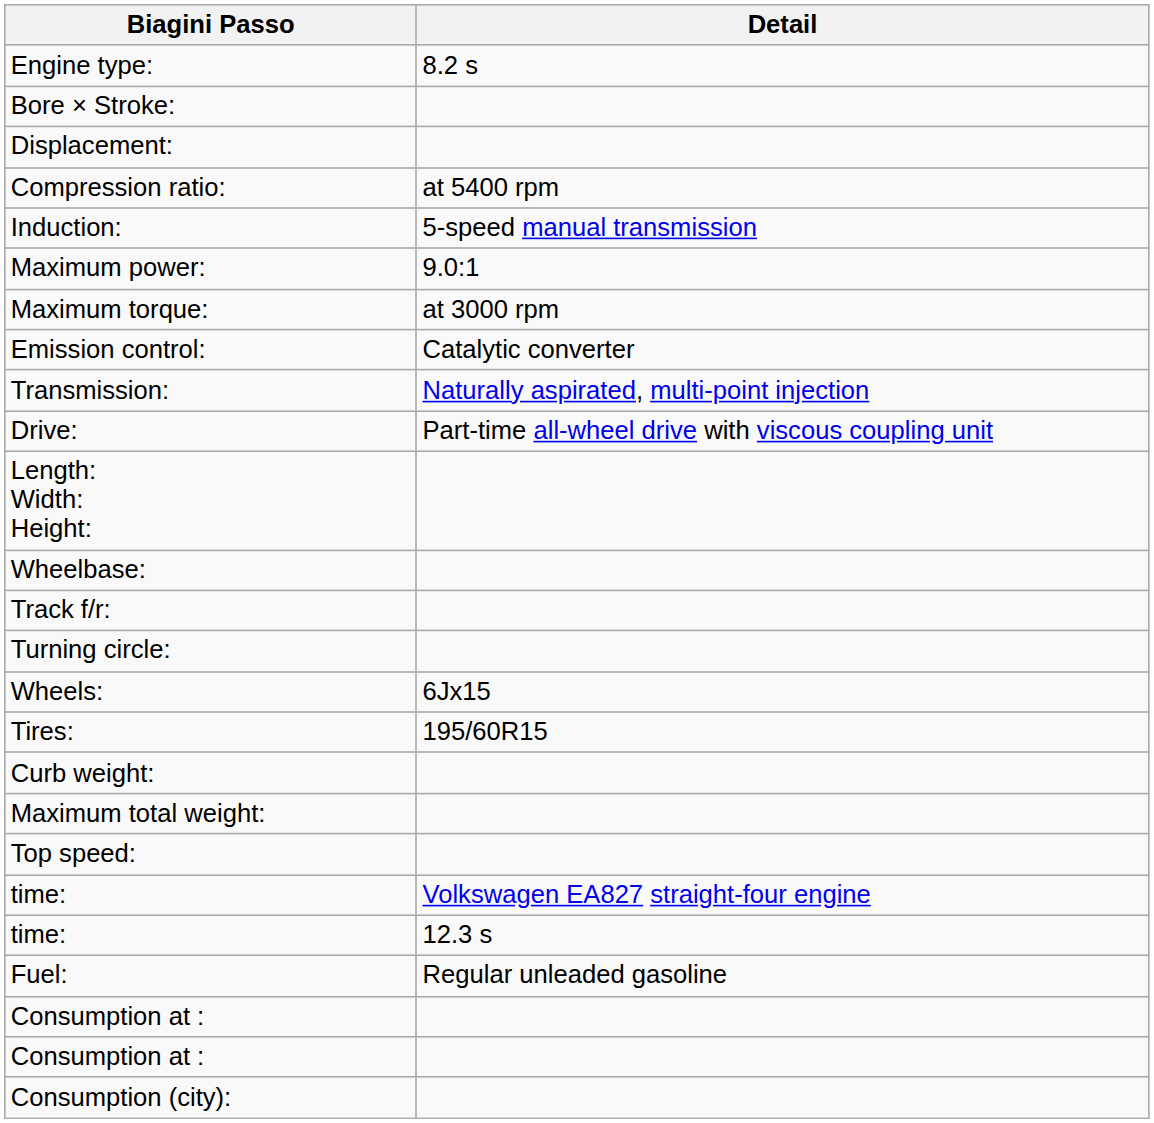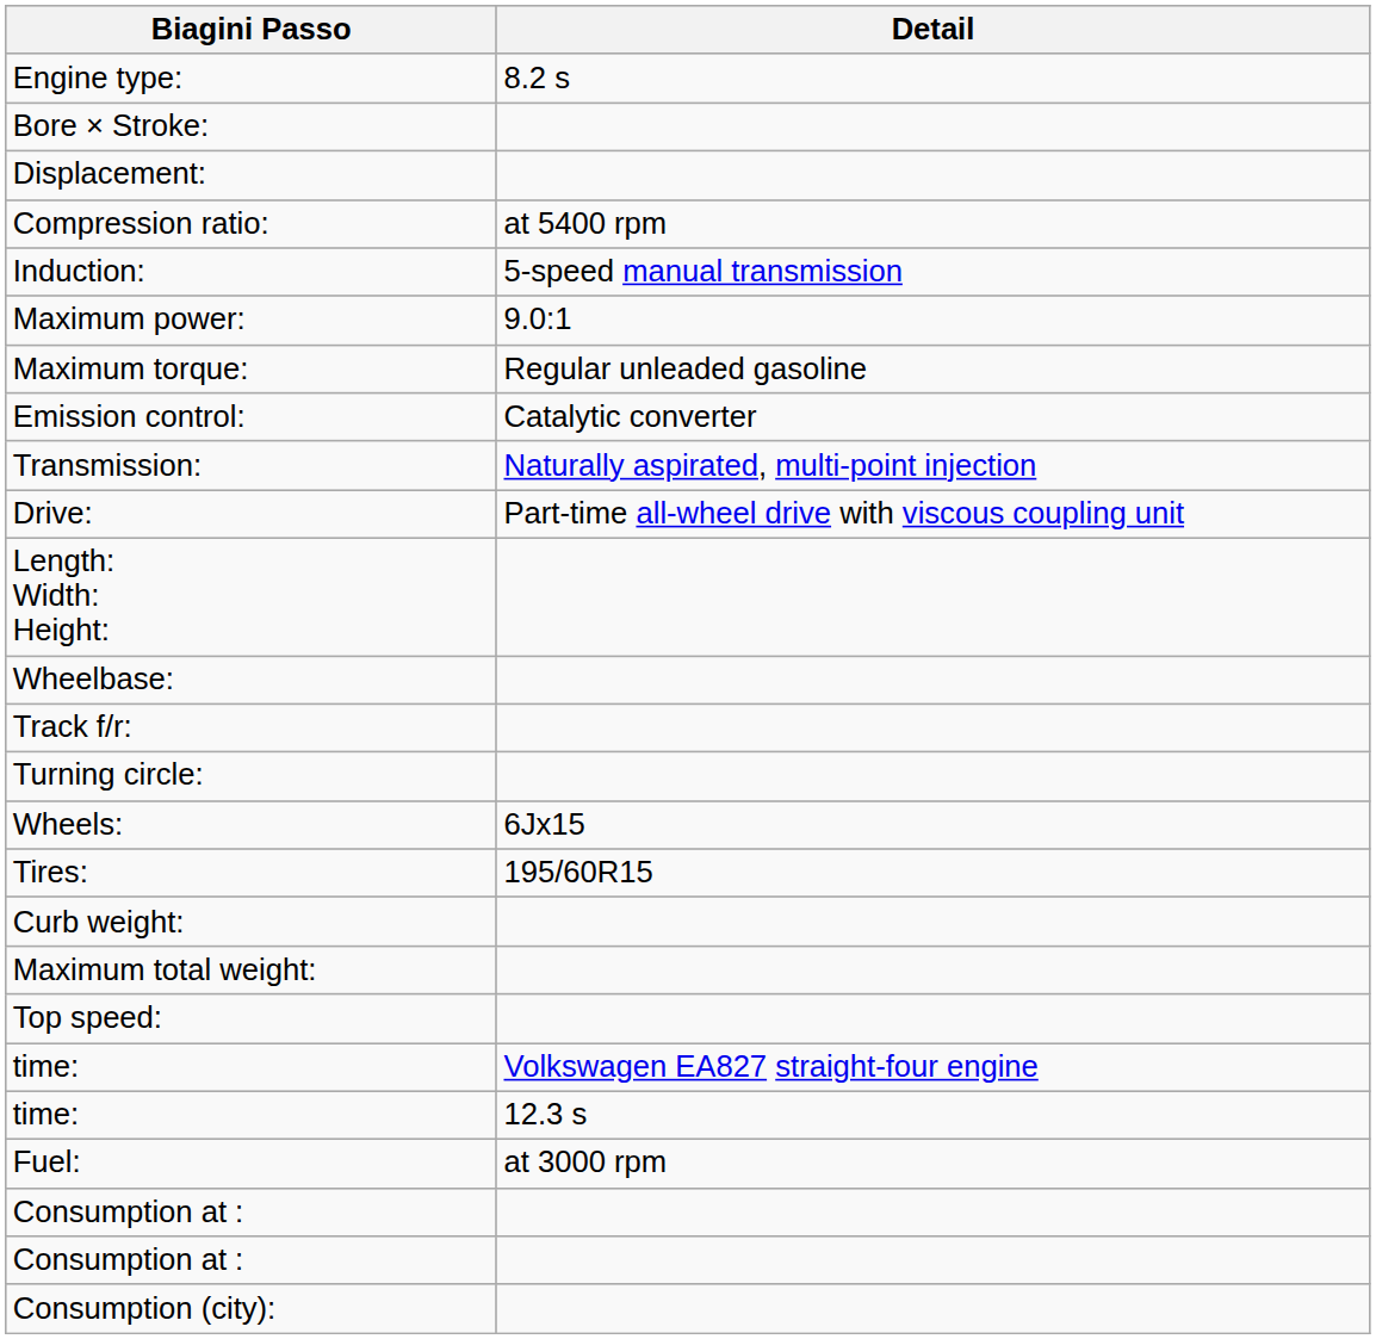 <table class="wikitable defaultcenter col1left">
 <tr>
 <th width="250">Biagini Passo</th>
 <th width="450">Detail</th>
 </tr>
 <tr>
 <td>Engine type:</td>
 <td>8.2 s</td>
 </tr>
 <tr>
 <td>Bore × Stroke:</td>
 <td></td>
 </tr>
 <tr>
 <td>Displacement:</td>
 <td></td>
 </tr>
 <tr>
 <td>Compression ratio:</td>
 <td> at 5400 rpm</td>
 </tr>
 <tr>
 <td>Induction:</td>
 <td>5-speed <a href='#'>manual transmission</a></td>
 </tr>
 <tr>
 <td>Maximum power:</td>
 <td>9.0:1</td>
 </tr>
 <tr>
 <td>Maximum torque:</td>
-<td> at 3000 rpm</td>
+<td>Regular unleaded gasoline</td>
 </tr>
 <tr>
 <td>Emission control:</td>
 <td>Catalytic converter</td>
 </tr>
 <tr>
 <td>Transmission:</td>
 <td><a href='#'>Naturally aspirated</a>, <a href='#'>multi-point injection</a></td>
 </tr>
 <tr>
 <td>Drive:</td>
 <td>Part-time <a href='#'>all-wheel drive</a> with <a href='#'>viscous coupling unit</a></td>
 </tr>
 <tr>
 <td>Length:<br>Width:<br>Height:</td>
 <td><br><br></td>
 </tr>
 <tr>
 <td>Wheelbase:</td>
 <td></td>
 </tr>
 <tr>
 <td>Track f/r:</td>
 <td></td>
 </tr>
 <tr>
 <td>Turning circle:</td>
 <td></td>
 </tr>
 <tr>
 <td>Wheels:</td>
 <td>6Jx15</td>
 </tr>
 <tr>
 <td>Tires:</td>
 <td>195/60R15</td>
 </tr>
 <tr>
 <td>Curb weight:</td>
 <td></td>
 </tr>
 <tr>
 <td>Maximum total weight:</td>
 <td></td>
 </tr>
 <tr>
 <td>Top speed:</td>
 <td></td>
 </tr>
 <tr>
 <td> time:</td>
 <td><a href='#'>Volkswagen EA827</a> <a href='#'>straight-four engine</a></td>
 </tr>
 <tr>
 <td> time:</td>
 <td>12.3 s</td>
 </tr>
 <tr>
 <td>Fuel:</td>
-<td>Regular unleaded gasoline</td>
+<td> at 3000 rpm</td>
 </tr>
 <tr>
 <td>Consumption at :</td>
 <td></td>
 </tr>
 <tr>
 <td>Consumption at :</td>
 <td></td>
 </tr>
 <tr>
 <td>Consumption (city):</td>
 <td></td>
 </tr>
 </table>
